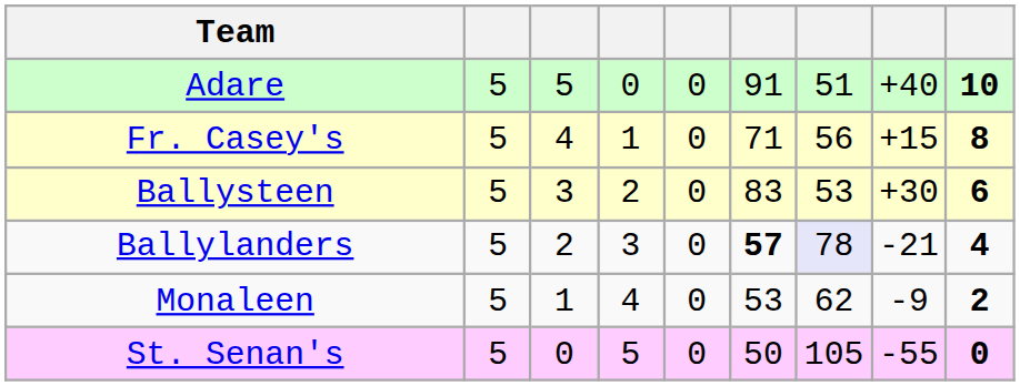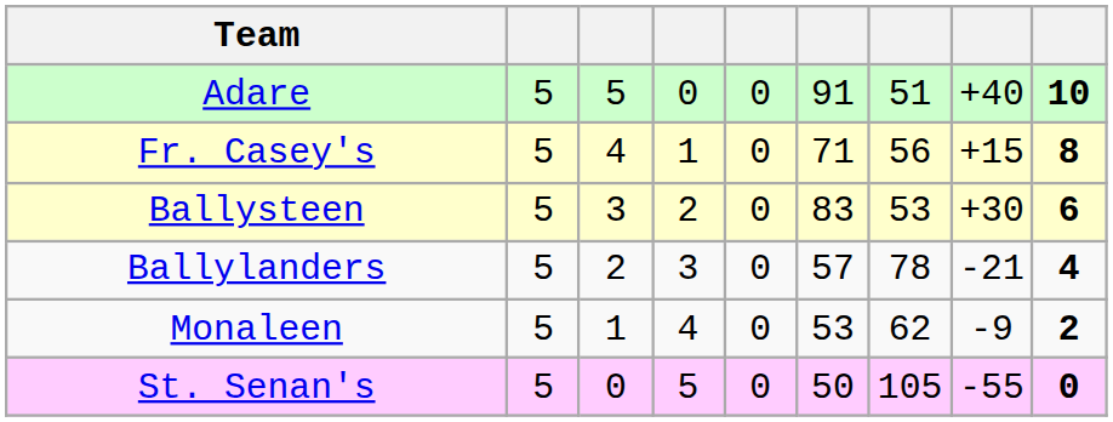 <table class="wikitable" style="text-align:center">
 <tr>
 <th style="width:175px;">Team</th>
 <th width="20"></th>
 <th width="20"></th>
 <th width="20"></th>
 <th width="20"></th>
 <th width="20"></th>
 <th width="20"></th>
 <th width="20"></th>
 <th width="20"></th>
 </tr>
 <tr style="background:#cfc;">
 <td><a href='#'>Adare</a></td>
 <td>5</td>
 <td>5</td>
 <td>0</td>
 <td>0</td>
 <td>91</td>
 <td>51</td>
 <td>+40</td>
 <td><strong>10</strong></td>
 </tr>
 <tr style="background:#ffffcc;">
 <td><a href='#'>Fr. Casey's</a></td>
 <td>5</td>
 <td>4</td>
 <td>1</td>
 <td>0</td>
 <td>71</td>
 <td>56</td>
 <td>+15</td>
 <td><strong>8</strong></td>
 </tr>
 <tr style="background:#ffffcc;">
 <td><a href='#'>Ballysteen</a></td>
 <td>5</td>
 <td>3</td>
 <td>2</td>
 <td>0</td>
 <td>83</td>
 <td>53</td>
 <td>+30</td>
 <td><strong>6</strong></td>
 </tr>
 <tr>
 <td><a href='#'>Ballylanders</a></td>
 <td>5</td>
 <td>2</td>
 <td>3</td>
 <td>0</td>
-<td><strong>57</strong></td>
-<td style="background: lavender;">78</td>
+<td>57</td>
+<td>78</td>
 <td>-21</td>
 <td><strong>4</strong></td>
 </tr>
 <tr>
 <td><a href='#'>Monaleen</a></td>
 <td>5</td>
 <td>1</td>
 <td>4</td>
 <td>0</td>
 <td>53</td>
 <td>62</td>
 <td>-9</td>
 <td><strong>2</strong></td>
 </tr>
 <tr style="background:#fcf;">
 <td><a href='#'>St. Senan's</a></td>
 <td>5</td>
 <td>0</td>
 <td>5</td>
 <td>0</td>
 <td>50</td>
 <td>105</td>
 <td>-55</td>
 <td><strong>0</strong></td>
 </tr>
 </table>
